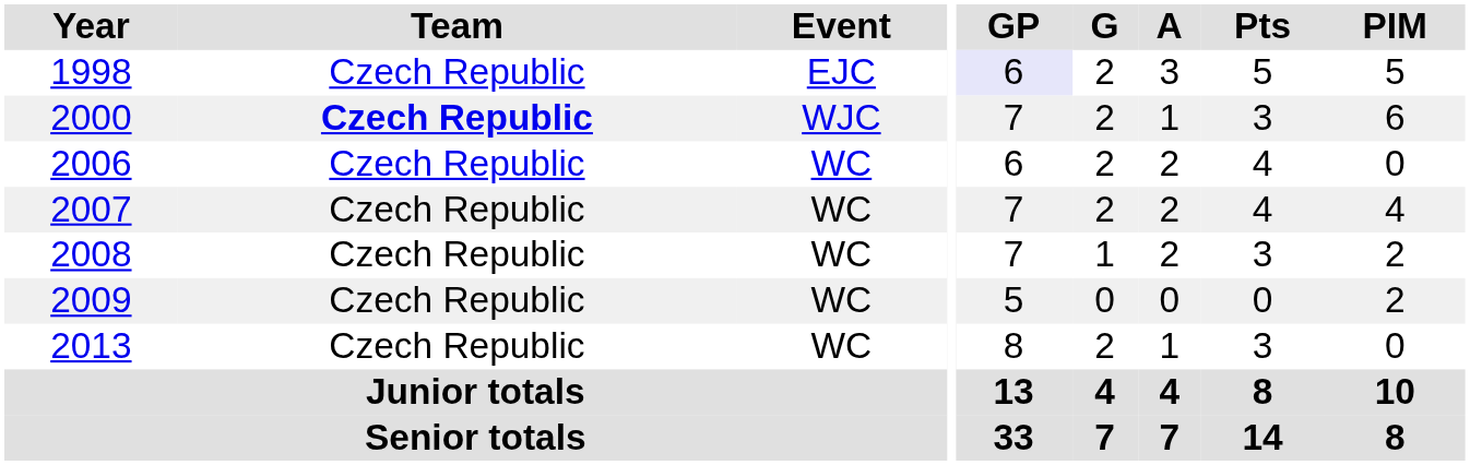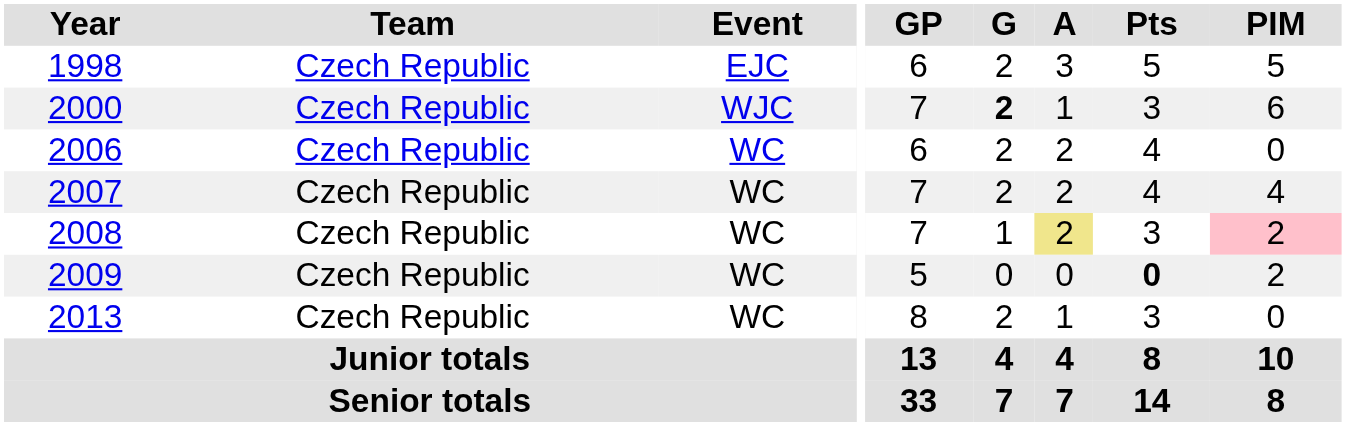 <table border="0" cellpadding="1" cellspacing="0" ID="Table3" style="text-align:center; width:40em">
 <tr ALIGN="center" bgcolor="#e0e0e0">
 <th>Year</th>
 <th>Team</th>
 <th>Event</th>
 <th rowspan="99" bgcolor="#ffffff"></th>
 <th>GP</th>
 <th>G</th>
 <th>A</th>
 <th>Pts</th>
 <th>PIM</th>
 </tr>
 <tr>
 <td><a href='#'>1998</a></td>
 <td><a href='#'>Czech Republic</a></td>
 <td><a href='#'>EJC</a></td>
-<td style="background: lavender;">6</td>
+<td>6</td>
 <td>2</td>
 <td>3</td>
 <td>5</td>
 <td>5</td>
 </tr>
 <tr bgcolor="#f0f0f0">
 <td><a href='#'>2000</a></td>
-<td><strong><a href='#'>Czech Republic</a></strong></td>
+<td><a href='#'>Czech Republic</a></td>
 <td><a href='#'>WJC</a></td>
 <td>7</td>
-<td>2</td>
+<td><strong>2</strong></td>
 <td>1</td>
 <td>3</td>
 <td>6</td>
 </tr>
 <tr>
 <td><a href='#'>2006</a></td>
 <td><a href='#'>Czech Republic</a></td>
 <td><a href='#'>WC</a></td>
 <td>6</td>
 <td>2</td>
 <td>2</td>
 <td>4</td>
 <td>0</td>
 </tr>
 <tr bgcolor="#f0f0f0">
 <td><a href='#'>2007</a></td>
 <td>Czech Republic</td>
 <td>WC</td>
 <td>7</td>
 <td>2</td>
 <td>2</td>
 <td>4</td>
 <td>4</td>
 </tr>
 <tr>
 <td><a href='#'>2008</a></td>
 <td>Czech Republic</td>
 <td>WC</td>
 <td>7</td>
 <td>1</td>
-<td>2</td>
+<td style="background: khaki;">2</td>
 <td>3</td>
-<td>2</td>
+<td style="background: pink;">2</td>
 </tr>
 <tr bgcolor="#f0f0f0">
 <td><a href='#'>2009</a></td>
 <td>Czech Republic</td>
 <td>WC</td>
 <td>5</td>
 <td>0</td>
 <td>0</td>
-<td>0</td>
+<td><strong>0</strong></td>
 <td>2</td>
 </tr>
 <tr>
 <td><a href='#'>2013</a></td>
 <td>Czech Republic</td>
 <td>WC</td>
 <td>8</td>
 <td>2</td>
 <td>1</td>
 <td>3</td>
 <td>0</td>
 </tr>
 <tr bgcolor="#e0e0e0">
 <th colspan="3">Junior totals</th>
 <th>13</th>
 <th>4</th>
 <th>4</th>
 <th>8</th>
 <th>10</th>
 </tr>
 <tr bgcolor="#e0e0e0">
 <th colspan="3">Senior totals</th>
 <th>33</th>
 <th>7</th>
 <th>7</th>
 <th>14</th>
 <th>8</th>
 </tr>
 </table>
